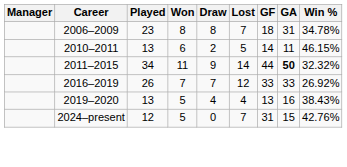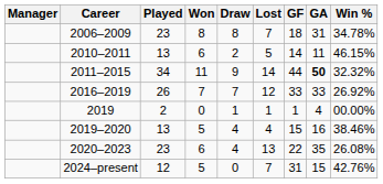 <table class="wikitable sortable" style="text-align:center">
 <tr>
 <th>Manager</th>
 <th>Career</th>
 <th>Played</th>
 <th>Won</th>
 <th>Draw</th>
 <th>Lost</th>
 <th>GF</th>
 <th>GA</th>
 <th>Win %</th>
 </tr>
 <tr>
 <td style="text-align: left;"> </td>
 <td>2006–2009</td>
 <td>23</td>
 <td>8</td>
 <td>8</td>
 <td>7</td>
 <td>18</td>
 <td>31</td>
 <td>34.78%</td>
 </tr>
 <tr>
 <td style="text-align: left;"> </td>
 <td>2010–2011</td>
 <td>13</td>
 <td>6</td>
 <td>2</td>
 <td>5</td>
 <td>14</td>
 <td>11</td>
 <td>46.15%</td>
 </tr>
 <tr>
 <td style="text-align: left;"> </td>
 <td>2011–2015</td>
 <td>34</td>
 <td>11</td>
 <td>9</td>
 <td>14</td>
 <td>44</td>
 <td><strong>50</strong></td>
 <td>32.32%</td>
 </tr>
 <tr>
 <td style="text-align: left;"> </td>
 <td>2016–2019</td>
 <td>26</td>
 <td>7</td>
 <td>7</td>
 <td>12</td>
 <td>33</td>
 <td>33</td>
 <td>26.92%</td>
 </tr>
 <tr>
 <td style="text-align: left;"> </td>
+<td>2019 </td>
+<td>2</td>
+<td>0</td>
+<td>1</td>
+<td>1</td>
+<td>1</td>
+<td>4</td>
+<td>00.00%</td>
+</tr>
+<tr>
+<td style="text-align: left;"> </td>
 <td>2019–2020</td>
 <td>13</td>
 <td>5</td>
 <td>4</td>
 <td>4</td>
+<td>15</td>
+<td>16</td>
+<td>38.46%</td>
+</tr>
+<tr>
+<td style="text-align: left;"> </td>
+<td>2020–2023</td>
+<td>23</td>
+<td>6</td>
+<td>4</td>
 <td>13</td>
-<td>16</td>
-<td>38.43%</td>
+<td>22</td>
+<td>35</td>
+<td>26.08%</td>
 </tr>
 <tr>
 <td style="text-align: left;"> </td>
 <td>2024–present</td>
 <td>12</td>
 <td>5</td>
 <td>0</td>
 <td>7</td>
 <td>31</td>
 <td>15</td>
 <td>42.76%</td>
 </tr>
 </table>
